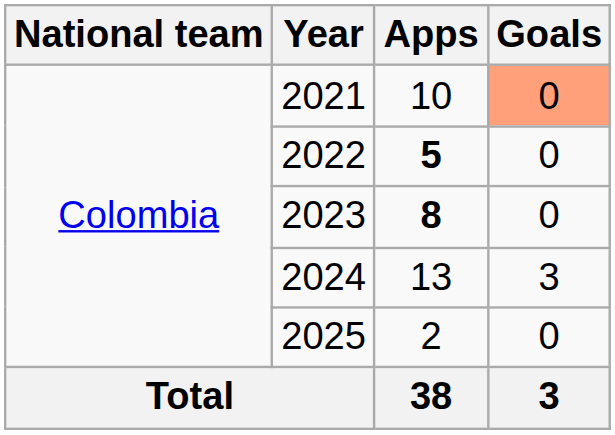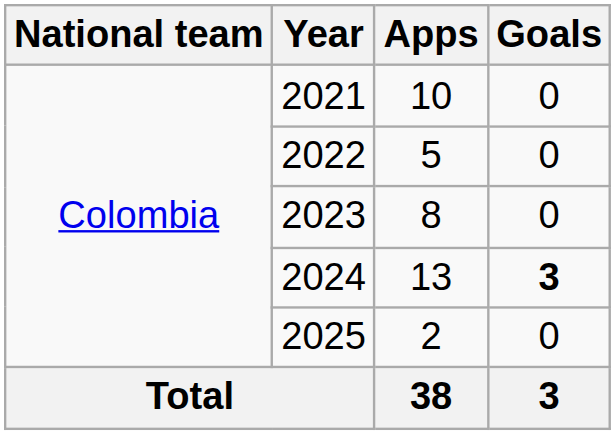 <table class="wikitable" style="text-align: center;">
 <tr>
 <th>National team</th>
 <th>Year</th>
 <th>Apps</th>
 <th>Goals</th>
 </tr>
 <tr>
 <td rowspan="5"><a href='#'>Colombia</a></td>
 <td>2021</td>
 <td>10</td>
-<td style="background: lightsalmon;">0</td>
+<td>0</td>
 </tr>
 <tr>
 <td>2022</td>
-<td><strong>5</strong></td>
+<td>5</td>
 <td>0</td>
 </tr>
 <tr>
 <td>2023</td>
-<td><strong>8</strong></td>
+<td>8</td>
 <td>0</td>
 </tr>
 <tr>
 <td>2024</td>
 <td>13</td>
-<td>3</td>
+<td><strong>3</strong></td>
 </tr>
 <tr>
 <td>2025</td>
 <td>2</td>
 <td>0</td>
 </tr>
 <tr>
 <th colspan="2">Total</th>
 <th>38</th>
 <th>3</th>
 </tr>
 </table>
